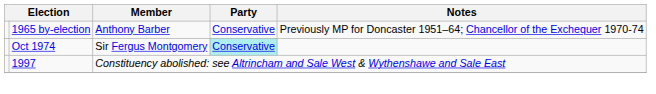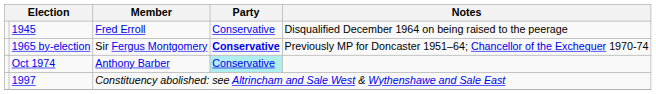 <table class="wikitable">
 <tr>
 <th colspan="2">Election</th>
 <th>Member</th>
 <th>Party</th>
 <th>Notes</th>
 </tr>
 <tr>
 <td style="color:inherit;background-color: "></td>
+<td><a href='#'>1945</a></td>
+<td><a href='#'>Fred Erroll</a></td>
+<td><a href='#'>Conservative</a></td>
+<td>Disqualified December 1964 on being raised to the peerage</td>
+</tr>
+<tr>
+<td style="color:inherit;background-color: "></td>
 <td><a href='#'>1965 by-election</a></td>
-<td><a href='#'>Anthony Barber</a></td>
-<td><a href='#'>Conservative</a></td>
+<td>Sir <a href='#'>Fergus Montgomery</a></td>
+<td><strong><a href='#'>Conservative</a></strong></td>
 <td>Previously MP for Doncaster 1951–64; <a href='#'>Chancellor of the Exchequer</a> 1970-74</td>
 </tr>
 <tr>
 <td style="color:inherit;background-color: "></td>
 <td><a href='#'>Oct 1974</a></td>
-<td>Sir <a href='#'>Fergus Montgomery</a></td>
+<td><a href='#'>Anthony Barber</a></td>
 <td style="background: paleturquoise;"><a href='#'>Conservative</a></td>
 </tr>
 <tr>
 <td></td>
 <td><a href='#'>1997</a></td>
 <td colspan="3"><em>Constituency abolished: see <a href='#'>Altrincham and Sale West</a> & <a href='#'>Wythenshawe and Sale East</a> </em></td>
 </tr>
 <tr>
 </tr>
 </table>
